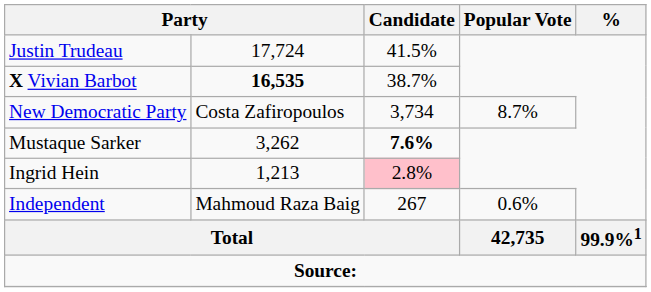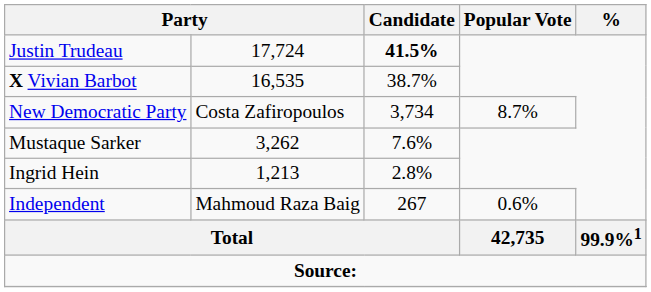 <table class="wikitable">
 <tr>
 <th colspan="2">Party</th>
 <th>Candidate</th>
 <th>Popular Vote</th>
 <th>%</th>
 </tr>
 <tr>
 <td> <a href='#'>Justin Trudeau</a></td>
 <td align=center>17,724</td>
-<td align=center>41.5%</td>
+<td align=center><strong>41.5%</strong></td>
 </tr>
 <tr>
 <td><strong>X</strong> <a href='#'>Vivian Barbot</a></td>
-<td align=center><strong>16,535</strong></td>
+<td align=center>16,535</td>
 <td align=center>38.7%</td>
 </tr>
 <tr>
 <td><a href='#'>New Democratic Party</a></td>
 <td>Costa Zafiropoulos</td>
 <td align=center>3,734</td>
 <td align=center>8.7%</td>
 </tr>
 <tr>
 <td>Mustaque Sarker</td>
 <td align=center>3,262</td>
-<td align=center><strong>7.6%</strong></td>
+<td align=center>7.6%</td>
 </tr>
 <tr>
 <td>Ingrid Hein</td>
 <td align=center>1,213</td>
-<td align=center style="background: pink;">2.8%</td>
+<td align=center>2.8%</td>
 </tr>
 <tr>
 <td><a href='#'>Independent</a></td>
 <td>Mahmoud Raza Baig</td>
 <td align=center>267</td>
 <td align=center>0.6%</td>
 </tr>
 <tr>
 <th colspan=3>Total</th>
 <th>42,735</th>
 <th>99.9%<sup>1</sup></th>
 </tr>
 <tr>
 <td align="center" colspan=5><strong>Source:</strong> </td>
 </tr>
 <tr>
 </tr>
 </table>
